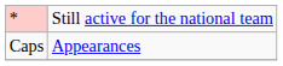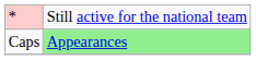 <table class="wikitable">
 <tr>
 <td style="background-color:#FFCCCC">*</td>
 <td>Still <a href='#'>active for the national team</a></td>
 </tr>
 <tr>
 <td>Caps</td>
-<td><a href='#'>Appearances</a></td>
+<td style="background: lightgreen;"><a href='#'>Appearances</a></td>
 </tr>
 <tr>
 </tr>
 </table>
